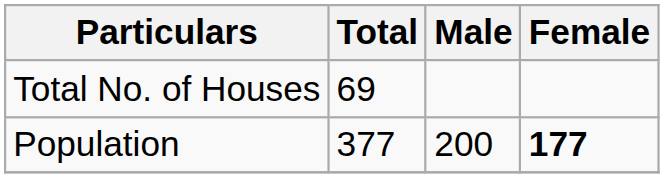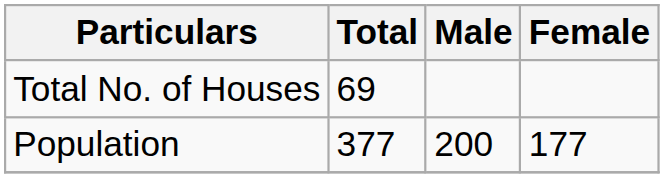 <table class="wikitable sortable">
 <tr>
 <th>Particulars</th>
 <th>Total</th>
 <th>Male</th>
 <th>Female</th>
 </tr>
 <tr>
 <td>Total No. of Houses</td>
 <td>69</td>
 <td></td>
 <td></td>
 </tr>
 <tr>
 <td>Population</td>
 <td>377</td>
 <td>200</td>
-<td><strong>177</strong></td>
+<td>177</td>
 </tr>
 <tr>
 </tr>
 </table>
